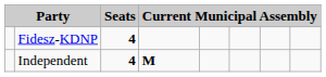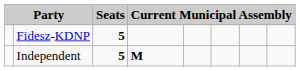 <table class="wikitable">
 <tr>
 <th style="background:#ccc" colspan="2">Party</th>
 <th style="background:#ccc">Seats</th>
 <th style="background:#ccc" colspan="5">Current Municipal Assembly</th>
 </tr>
 <tr>
 <td style="background-color: "> </td>
 <td><a href='#'>Fidesz</a>-<a href='#'>KDNP</a></td>
-<td style="text-align: right"><strong>4</strong></td>
+<td style="text-align: right"><strong>5</strong></td>
 <td style="background-color: "></td>
 <td style="background-color: "> </td>
 <td style="background-color: "> </td>
 <td style="background-color: "> </td>
 <td style="background-color: "> </td>
 </tr>
 <tr>
 <td style="background-color: "> </td>
 <td>Independent</td>
-<td style="text-align: right"><strong>4</strong></td>
+<td style="text-align: right"><strong>5</strong></td>
 <td style="background-color: "><span><strong>M</strong></span></td>
 <td style="background-color: "> </td>
 <td style="background-color: "> </td>
 <td style="background-color: "> </td>
 <td></td>
 </tr>
 </table>
